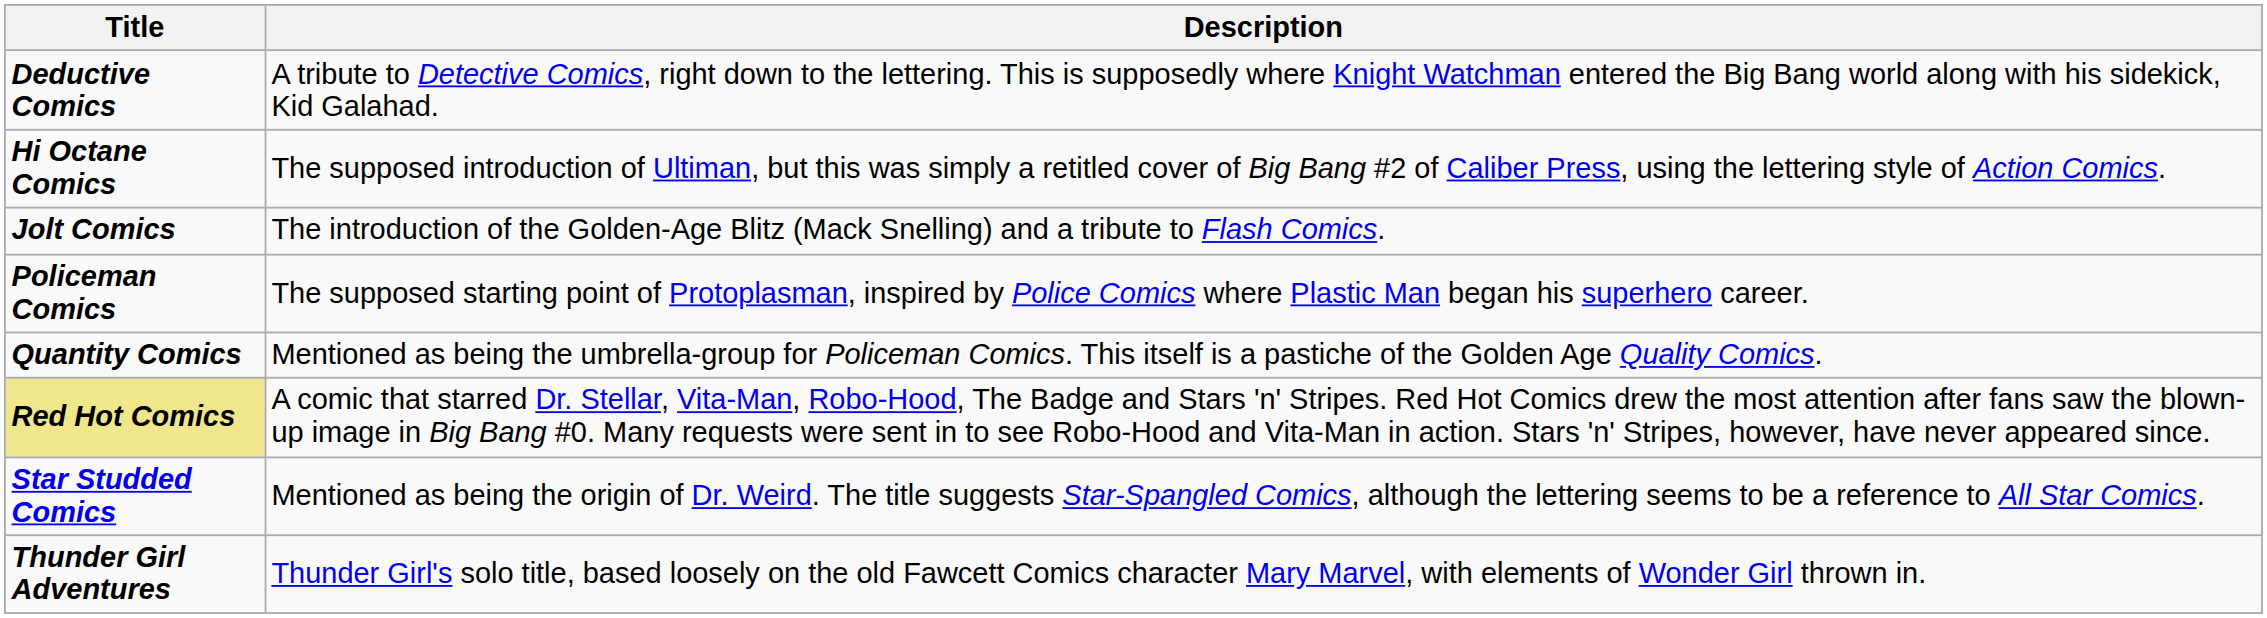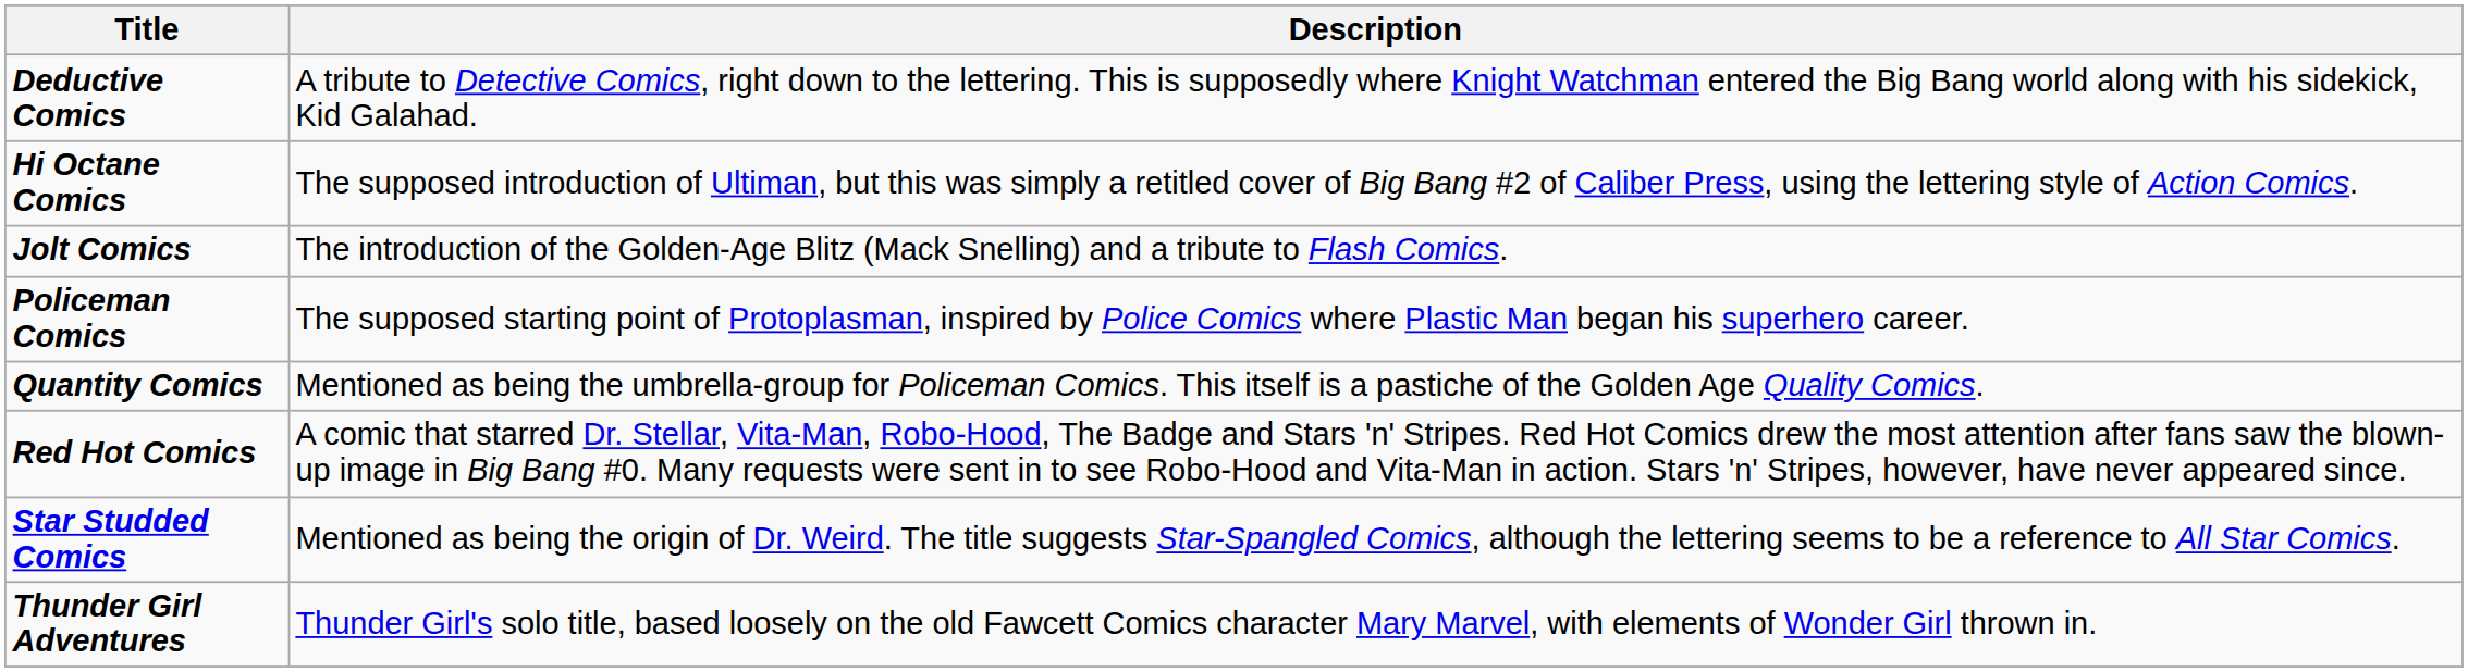 <table class="wikitable" style="text-align:left">
 <tr>
 <th>Title</th>
 <th>Description</th>
 </tr>
 <tr>
 <td><strong><em>Deductive Comics</em></strong></td>
 <td>A tribute to <em><a href='#'>Detective Comics</a></em>, right down to the lettering. This is supposedly where <a href='#'>Knight Watchman</a> entered the Big Bang world along with his sidekick, Kid Galahad.</td>
 </tr>
 <tr>
 <td><strong><em>Hi Octane Comics</em></strong></td>
 <td>The supposed introduction of <a href='#'>Ultiman</a>, but this was simply a retitled cover of <em>Big Bang</em> #2 of <a href='#'>Caliber Press</a>, using the lettering style of <em><a href='#'>Action Comics</a></em>.</td>
 </tr>
 <tr>
 <td><strong><em>Jolt Comics</em></strong></td>
 <td>The introduction of the Golden-Age Blitz (Mack Snelling) and a tribute to <em><a href='#'>Flash Comics</a></em>.</td>
 </tr>
 <tr>
 <td><strong><em>Policeman Comics</em></strong></td>
 <td>The supposed starting point of <a href='#'>Protoplasman</a>, inspired by <em><a href='#'>Police Comics</a></em> where <a href='#'>Plastic Man</a> began his <a href='#'>superhero</a> career.</td>
 </tr>
 <tr>
 <td><strong><em>Quantity Comics</em></strong></td>
 <td>Mentioned as being the umbrella-group for <em>Policeman Comics</em>. This itself is a pastiche of the Golden Age <em><a href='#'>Quality Comics</a></em>.</td>
 </tr>
 <tr>
-<td style="background: khaki;"><strong><em>Red Hot Comics</em></strong></td>
+<td><strong><em>Red Hot Comics</em></strong></td>
 <td>A comic that starred <a href='#'>Dr. Stellar</a>, <a href='#'>Vita-Man</a>, <a href='#'>Robo-Hood</a>, The Badge and Stars 'n' Stripes. Red Hot Comics drew the most attention after fans saw the blown-up image in <em>Big Bang</em> #0. Many requests were sent in to see Robo-Hood and Vita-Man in action. Stars 'n' Stripes, however, have never appeared since.</td>
 </tr>
 <tr>
 <td><strong><em><a href='#'>Star Studded Comics</a></em></strong></td>
 <td>Mentioned as being the origin of <a href='#'>Dr. Weird</a>. The title suggests <em><a href='#'>Star-Spangled Comics</a></em>, although the lettering seems to be a reference to <em><a href='#'>All Star Comics</a></em>.</td>
 </tr>
 <tr>
 <td><strong><em>Thunder Girl Adventures</em></strong></td>
 <td><a href='#'>Thunder Girl's</a> solo title, based loosely on the old Fawcett Comics character <a href='#'>Mary Marvel</a>, with elements of <a href='#'>Wonder Girl</a> thrown in.</td>
 </tr>
 </table>
